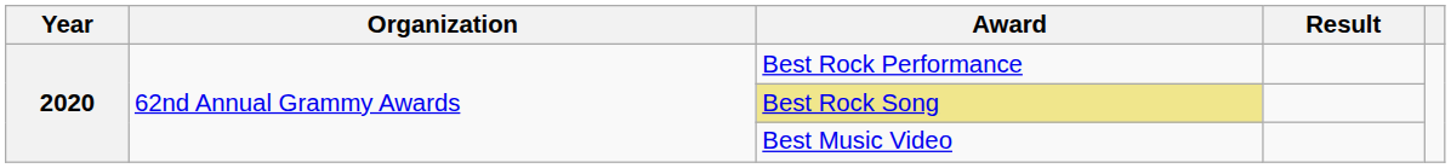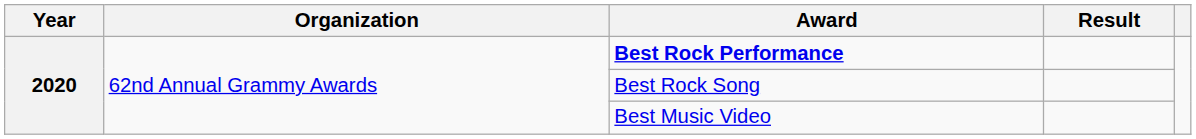 <table class="wikitable sortable plainrowheaders" style="width:74%;">
 <tr>
 <th scope="col">Year</th>
 <th scope="col">Organization</th>
 <th scope="col">Award</th>
 <th scope="col">Result</th>
 <th scope="col" class="unsortable"></th>
 </tr>
 <tr>
 <th scope="row" rowspan="3">2020</th>
 <td rowspan="3"><a href='#'>62nd Annual Grammy Awards</a></td>
-<td><a href='#'>Best Rock Performance</a></td>
+<td><strong><a href='#'>Best Rock Performance</a></strong></td>
 <td></td>
 <td scope="row" rowspan="3"></td>
 </tr>
 <tr>
-<td style="background: khaki;"><a href='#'>Best Rock Song</a></td>
+<td><a href='#'>Best Rock Song</a></td>
 <td></td>
 </tr>
 <tr>
 <td><a href='#'>Best Music Video</a></td>
 <td></td>
 </tr>
 </table>
